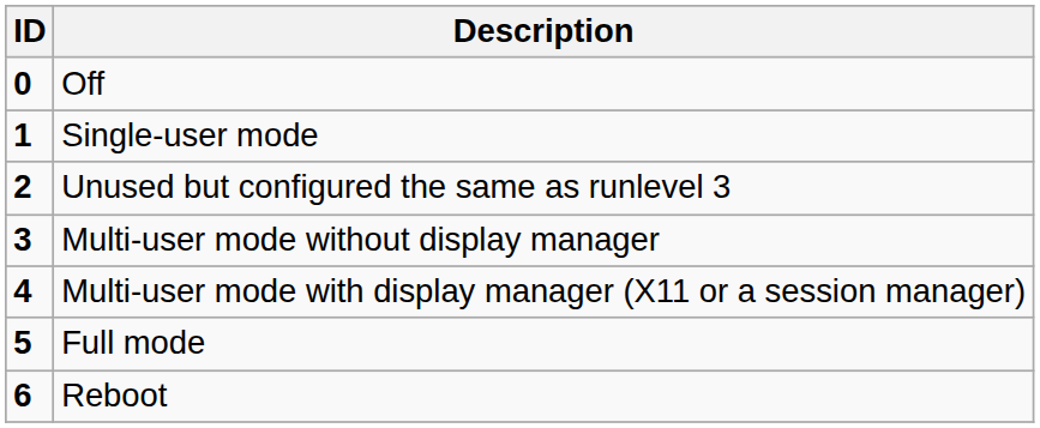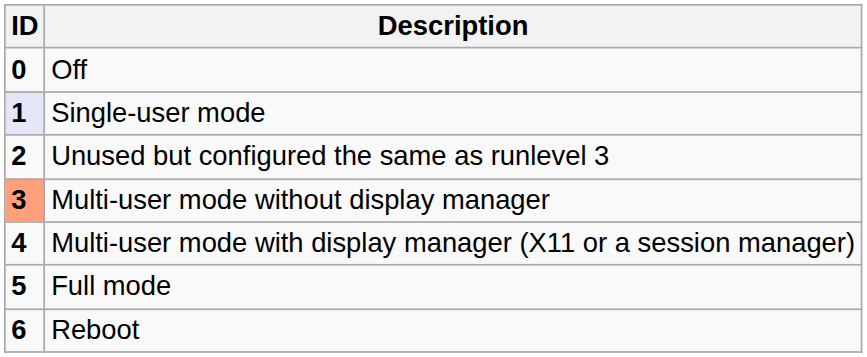 <table class="wikitable">
 <tr>
 <th>ID</th>
 <th>Description</th>
 </tr>
 <tr>
 <td><strong>0</strong></td>
 <td>Off</td>
 </tr>
 <tr>
-<td><strong>1</strong></td>
+<td style="background: lavender;"><strong>1</strong></td>
 <td>Single-user mode</td>
 </tr>
 <tr>
 <td><strong>2</strong></td>
 <td>Unused but configured the same as runlevel 3</td>
 </tr>
 <tr>
-<td><strong>3</strong></td>
+<td style="background: lightsalmon;"><strong>3</strong></td>
 <td>Multi-user mode without display manager</td>
 </tr>
 <tr>
 <td><strong>4</strong></td>
 <td>Multi-user mode with display manager (X11 or a session manager)</td>
 </tr>
 <tr>
 <td><strong>5</strong></td>
 <td>Full mode</td>
 </tr>
 <tr>
 <td><strong>6</strong></td>
 <td>Reboot</td>
 </tr>
 </table>
